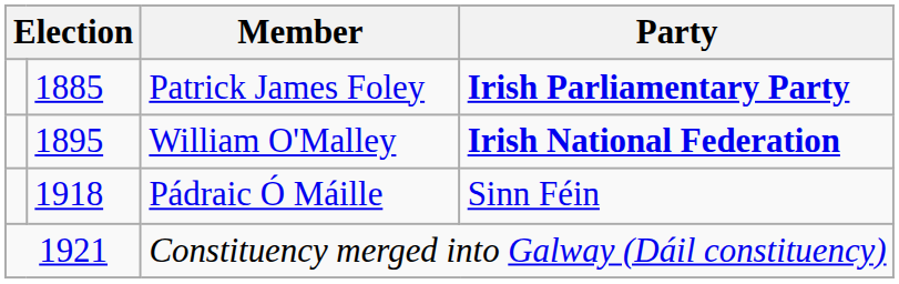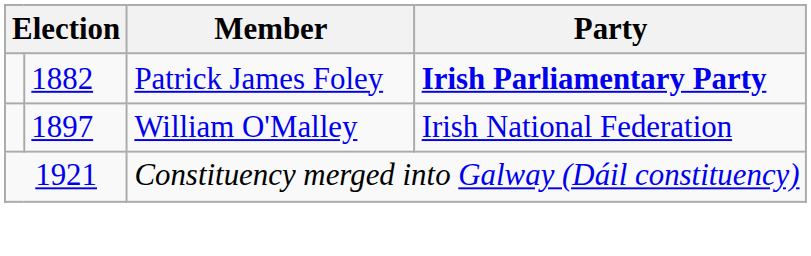 <table class="wikitable">
 <tr>
 <th colspan="2">Election</th>
 <th>Member </th>
 <th>Party</th>
 </tr>
 <tr>
 <td style="color:inherit;background-color: "></td>
-<td><a href='#'>1885</a></td>
+<td><a href='#'>1882</a></td>
 <td><a href='#'>Patrick James Foley</a></td>
 <td><strong><a href='#'>Irish Parliamentary Party</a></strong></td>
 </tr>
 <tr>
 <td style="color:inherit;background-color: "></td>
-<td><a href='#'>1895</a></td>
+<td><a href='#'>1897</a></td>
 <td><a href='#'>William O'Malley</a></td>
-<td><strong><a href='#'>Irish National Federation</a></strong></td>
-</tr>
-<tr>
-<td style="color:inherit;background-color: "></td>
-<td><a href='#'>1918</a></td>
-<td><a href='#'>Pádraic Ó Máille</a></td>
-<td><a href='#'>Sinn Féin</a></td>
+<td><a href='#'>Irish National Federation</a></td>
 </tr>
 <tr>
 <td colspan="2" align="center"><a href='#'>1921</a></td>
 <td colspan="2"><em>Constituency merged into <a href='#'>Galway (Dáil constituency)</a></em></td>
 </tr>
 </table>
